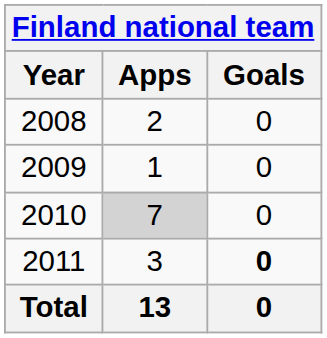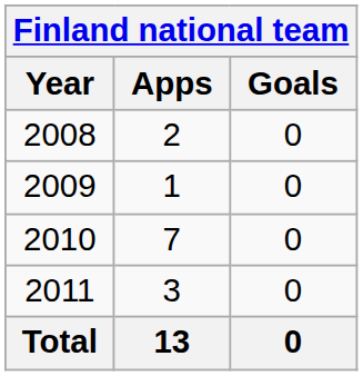 <table class="wikitable" style="text-align:center">
 <tr>
 <th colspan=3><a href='#'>Finland national team</a></th>
 </tr>
 <tr>
 <th>Year</th>
 <th>Apps</th>
 <th>Goals</th>
 </tr>
 <tr>
 <td>2008</td>
 <td>2</td>
 <td>0</td>
 </tr>
 <tr>
 <td>2009</td>
 <td>1</td>
 <td>0</td>
 </tr>
 <tr>
 <td>2010</td>
-<td style="background: lightgrey;">7</td>
+<td>7</td>
 <td>0</td>
 </tr>
 <tr>
 <td>2011</td>
 <td>3</td>
-<td><strong>0</strong></td>
+<td>0</td>
 </tr>
 <tr>
 <th>Total</th>
 <th>13</th>
 <th>0</th>
 </tr>
 </table>
